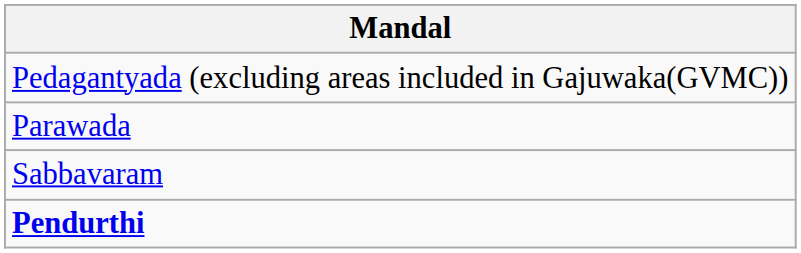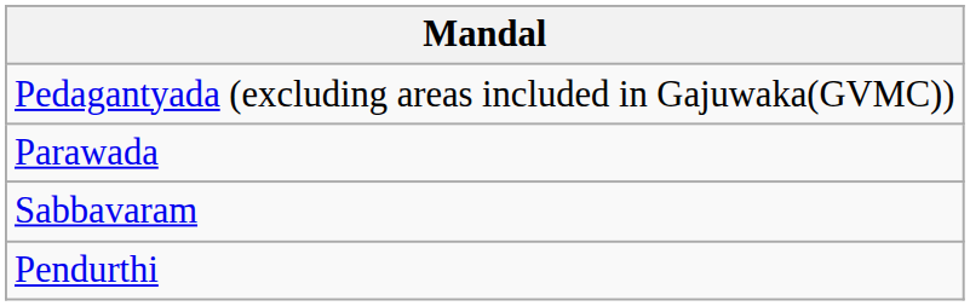 <table class="wikitable sortable static-row-numbers static-row-header-hash">
 <tr>
 <th>Mandal</th>
 </tr>
 <tr>
 <td><a href='#'>Pedagantyada</a> (excluding areas included in Gajuwaka(GVMC))</td>
 </tr>
 <tr>
 <td><a href='#'>Parawada</a></td>
 </tr>
 <tr>
 <td><a href='#'>Sabbavaram</a></td>
 </tr>
 <tr>
-<td><strong><a href='#'>Pendurthi</a></strong></td>
+<td><a href='#'>Pendurthi</a></td>
 </tr>
 </table>
